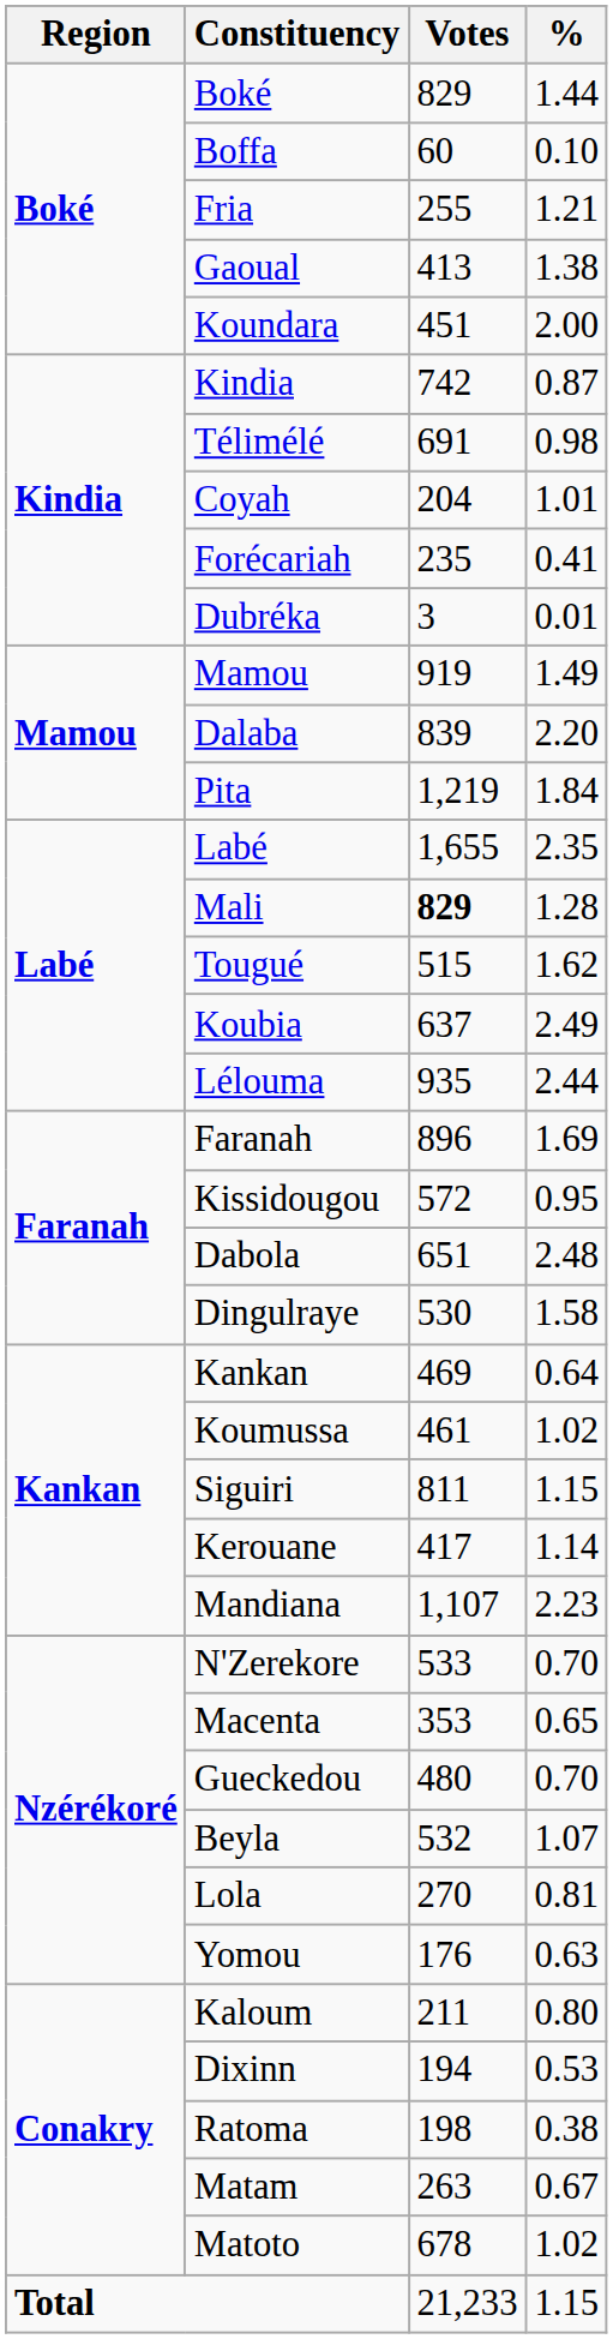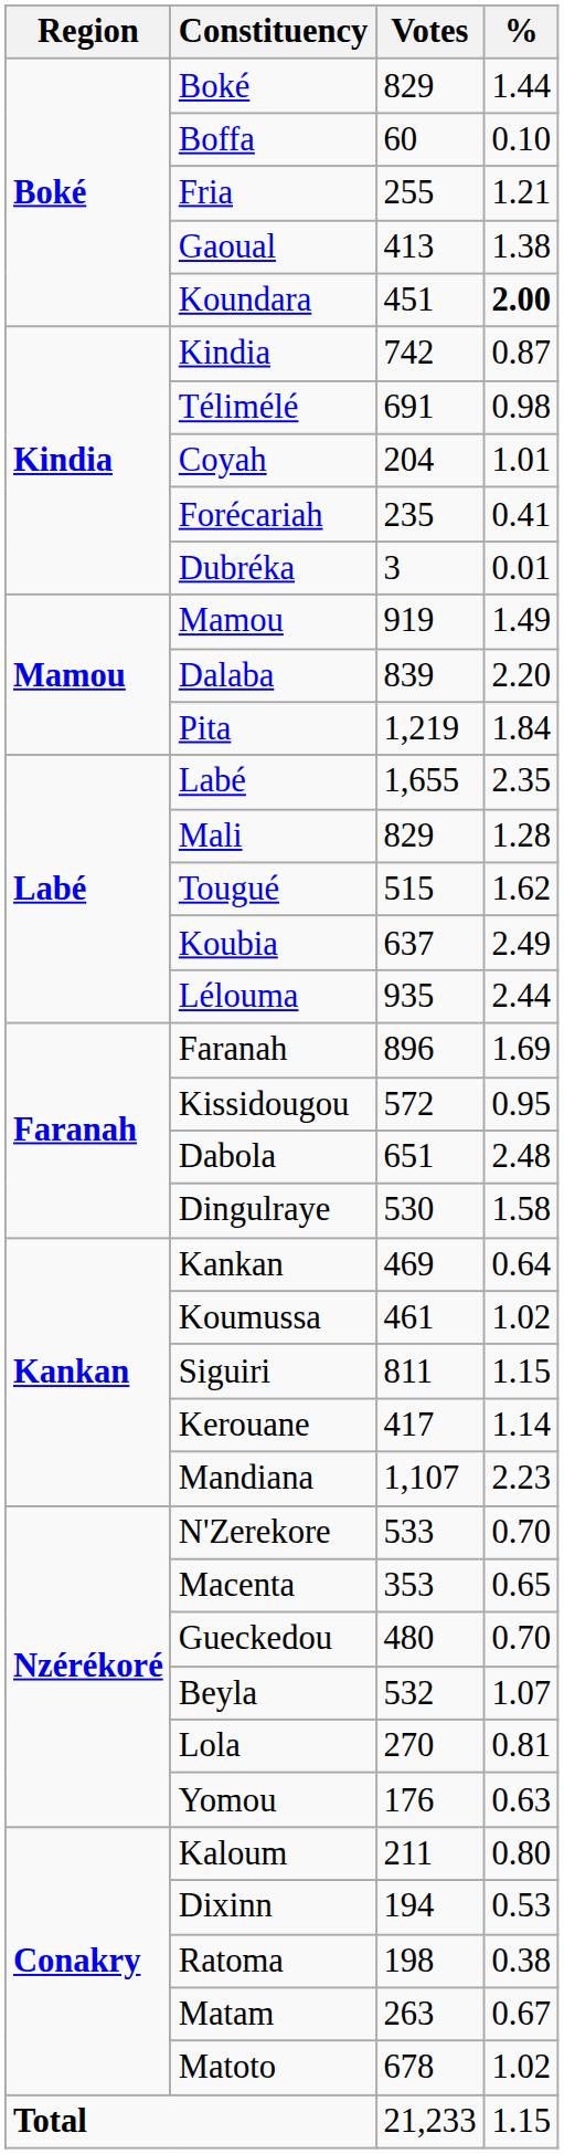 <table class="wikitable">
 <tr>
 <th>Region</th>
 <th>Constituency</th>
 <th>Votes</th>
 <th>%</th>
 </tr>
 <tr>
 <td rowspan=5><strong><a href='#'>Boké</a></strong></td>
 <td><a href='#'>Boké</a></td>
 <td>829</td>
 <td>1.44</td>
 </tr>
 <tr>
 <td><a href='#'>Boffa</a></td>
 <td>60</td>
 <td>0.10</td>
 </tr>
 <tr>
 <td><a href='#'>Fria</a></td>
 <td>255</td>
 <td>1.21</td>
 </tr>
 <tr>
 <td><a href='#'>Gaoual</a></td>
 <td>413</td>
 <td>1.38</td>
 </tr>
 <tr>
 <td><a href='#'>Koundara</a></td>
 <td>451</td>
-<td>2.00</td>
+<td><strong>2.00</strong></td>
 </tr>
 <tr>
 <td rowspan=5><strong><a href='#'>Kindia</a></strong></td>
 <td><a href='#'>Kindia</a></td>
 <td>742</td>
 <td>0.87</td>
 </tr>
 <tr>
 <td><a href='#'>Télimélé</a></td>
 <td>691</td>
 <td>0.98</td>
 </tr>
 <tr>
 <td><a href='#'>Coyah</a></td>
 <td>204</td>
 <td>1.01</td>
 </tr>
 <tr>
 <td><a href='#'>Forécariah</a></td>
 <td>235</td>
 <td>0.41</td>
 </tr>
 <tr>
 <td><a href='#'>Dubréka</a></td>
 <td>3</td>
 <td>0.01</td>
 </tr>
 <tr>
 <td rowspan=3><strong><a href='#'>Mamou</a></strong></td>
 <td><a href='#'>Mamou</a></td>
 <td>919</td>
 <td>1.49</td>
 </tr>
 <tr>
 <td><a href='#'>Dalaba</a></td>
 <td>839</td>
 <td>2.20</td>
 </tr>
 <tr>
 <td><a href='#'>Pita</a></td>
 <td>1,219</td>
 <td>1.84</td>
 </tr>
 <tr>
 <td rowspan=5><strong><a href='#'>Labé</a></strong></td>
 <td><a href='#'>Labé</a></td>
 <td>1,655</td>
 <td>2.35</td>
 </tr>
 <tr>
 <td><a href='#'>Mali</a></td>
-<td><strong>829</strong></td>
+<td>829</td>
 <td>1.28</td>
 </tr>
 <tr>
 <td><a href='#'>Tougué</a></td>
 <td>515</td>
 <td>1.62</td>
 </tr>
 <tr>
 <td><a href='#'>Koubia</a></td>
 <td>637</td>
 <td>2.49</td>
 </tr>
 <tr>
 <td><a href='#'>Lélouma</a></td>
 <td>935</td>
 <td>2.44</td>
 </tr>
 <tr>
 <td rowspan=4><strong><a href='#'>Faranah</a></strong></td>
 <td>Faranah</td>
 <td>896</td>
 <td>1.69</td>
 </tr>
 <tr>
 <td>Kissidougou</td>
 <td>572</td>
 <td>0.95</td>
 </tr>
 <tr>
 <td>Dabola</td>
 <td>651</td>
 <td>2.48</td>
 </tr>
 <tr>
 <td>Dingulraye</td>
 <td>530</td>
 <td>1.58</td>
 </tr>
 <tr>
 <td rowspan=5><strong><a href='#'>Kankan</a></strong></td>
 <td>Kankan</td>
 <td>469</td>
 <td>0.64</td>
 </tr>
 <tr>
 <td>Koumussa</td>
 <td>461</td>
 <td>1.02</td>
 </tr>
 <tr>
 <td>Siguiri</td>
 <td>811</td>
 <td>1.15</td>
 </tr>
 <tr>
 <td>Kerouane</td>
 <td>417</td>
 <td>1.14</td>
 </tr>
 <tr>
 <td>Mandiana</td>
 <td>1,107</td>
 <td>2.23</td>
 </tr>
 <tr>
 <td rowspan=6><strong><a href='#'>Nzérékoré</a></strong></td>
 <td>N'Zerekore</td>
 <td>533</td>
 <td>0.70</td>
 </tr>
 <tr>
 <td>Macenta</td>
 <td>353</td>
 <td>0.65</td>
 </tr>
 <tr>
 <td>Gueckedou</td>
 <td>480</td>
 <td>0.70</td>
 </tr>
 <tr>
 <td>Beyla</td>
 <td>532</td>
 <td>1.07</td>
 </tr>
 <tr>
 <td>Lola</td>
 <td>270</td>
 <td>0.81</td>
 </tr>
 <tr>
 <td>Yomou</td>
 <td>176</td>
 <td>0.63</td>
 </tr>
 <tr>
 <td rowspan=5><strong><a href='#'>Conakry</a></strong></td>
 <td>Kaloum</td>
 <td>211</td>
 <td>0.80</td>
 </tr>
 <tr>
 <td>Dixinn</td>
 <td>194</td>
 <td>0.53</td>
 </tr>
 <tr>
 <td>Ratoma</td>
 <td>198</td>
 <td>0.38</td>
 </tr>
 <tr>
 <td>Matam</td>
 <td>263</td>
 <td>0.67</td>
 </tr>
 <tr>
 <td>Matoto</td>
 <td>678</td>
 <td>1.02</td>
 </tr>
 <tr>
 <td colspan=2><strong>Total</strong></td>
 <td>21,233</td>
 <td>1.15</td>
 </tr>
 </table>
